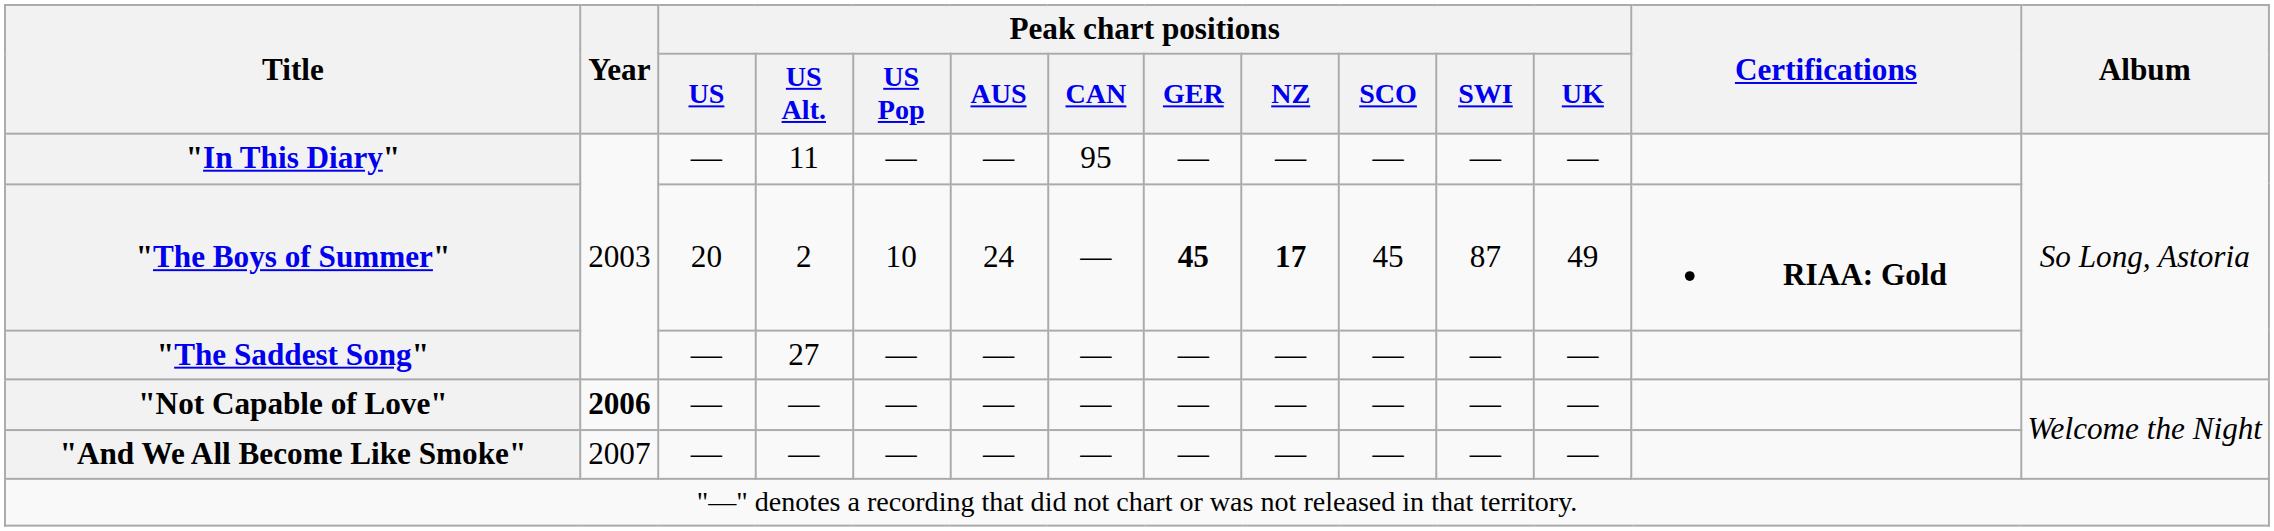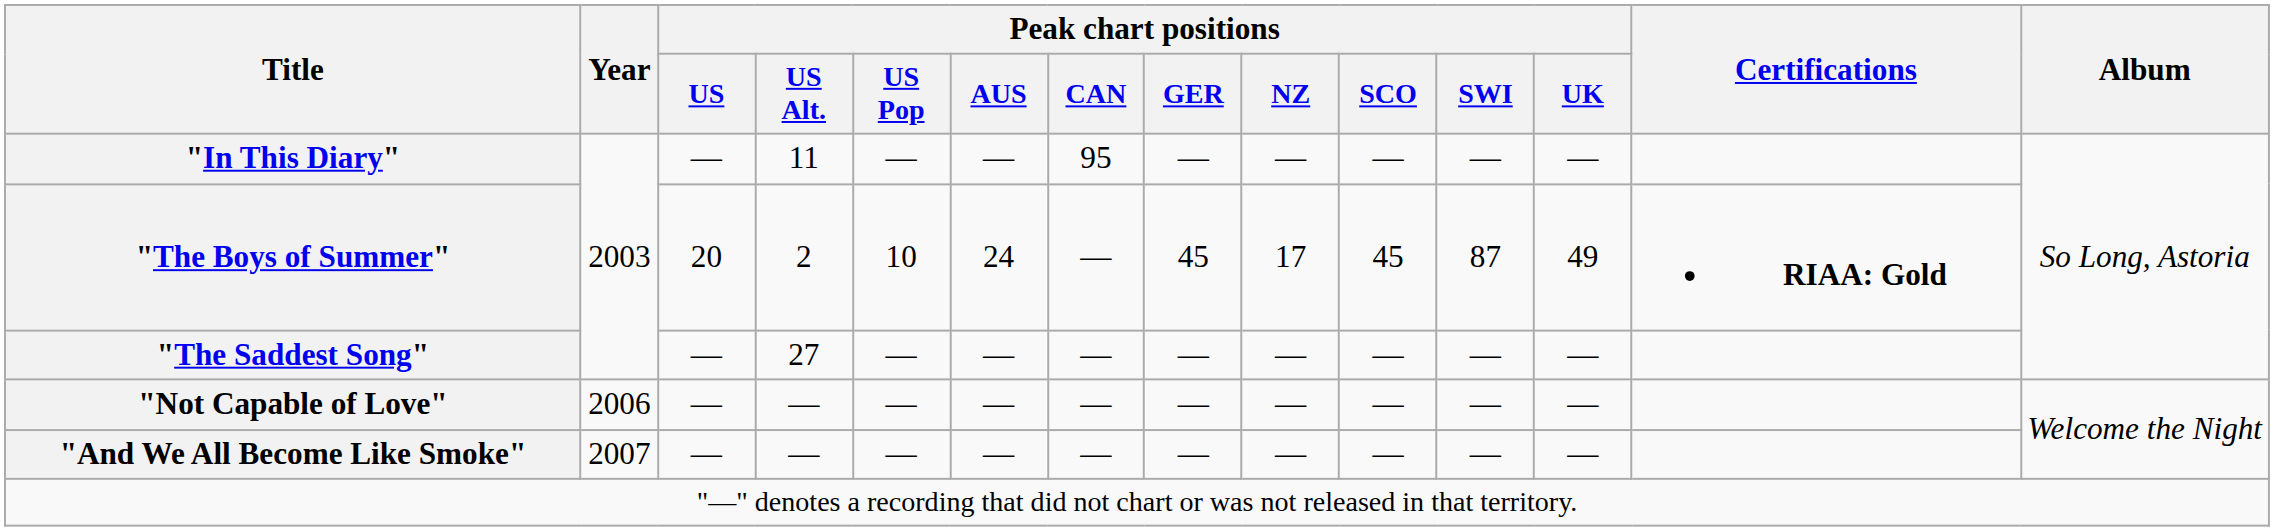 <table class="wikitable plainrowheaders" style="text-align:center;">
 <tr>
 <th scope="col" rowspan="2" style="width:18em;">Title</th>
 <th scope="col" rowspan="2">Year</th>
 <th scope="col" colspan="10">Peak chart positions</th>
 <th scope="col" rowspan="2" style="width:12em;"><a href='#'>Certifications</a></th>
 <th scope="col" rowspan="2">Album</th>
 </tr>
 <tr>
 <th scope="col" style="width:3em;font-size:90%;"><a href='#'>US</a><br></th>
 <th scope="col" style="width:3em;font-size:90%;"><a href='#'>US<br>Alt.</a><br></th>
 <th scope="col" style="width:3em;font-size:90%;"><a href='#'>US<br>Pop</a><br></th>
 <th scope="col" style="width:3em;font-size:90%;"><a href='#'>AUS</a><br></th>
 <th scope="col" style="width:3em;font-size:90%;"><a href='#'>CAN</a><br></th>
 <th scope="col" style="width:3em;font-size:90%;"><a href='#'>GER</a><br></th>
 <th scope="col" style="width:3em;font-size:90%;"><a href='#'>NZ</a><br></th>
 <th scope="col" style="width:3em;font-size:90%;"><a href='#'>SCO</a><br></th>
 <th scope="col" style="width:3em;font-size:90%;"><a href='#'>SWI</a><br></th>
 <th scope="col" style="width:3em;font-size:90%;"><a href='#'>UK</a><br></th>
 </tr>
 <tr>
 <th scope="row">"<a href='#'>In This Diary</a>"</th>
 <td rowspan="3">2003</td>
 <td>—</td>
 <td>11</td>
 <td>—</td>
 <td>—</td>
 <td>95</td>
 <td>—</td>
 <td>—</td>
 <td>—</td>
 <td>—</td>
 <td>—</td>
 <td></td>
 <td rowspan="3"><em>So Long, Astoria</em></td>
 </tr>
 <tr>
 <th scope="row">"<a href='#'>The Boys of Summer</a>"</th>
 <td>20</td>
 <td>2</td>
 <td>10</td>
 <td>24</td>
 <td>—</td>
-<td><strong>45</strong></td>
-<td><strong>17</strong></td>
+<td>45</td>
+<td>17</td>
 <td>45</td>
 <td>87</td>
 <td>49</td>
 <td><strong><br><ul><li>RIAA: Gold</li></ul></strong></td>
 </tr>
 <tr>
 <th scope="row">"<a href='#'>The Saddest Song</a>"</th>
 <td>—</td>
 <td>27</td>
 <td>—</td>
 <td>—</td>
 <td>—</td>
 <td>—</td>
 <td>—</td>
 <td>—</td>
 <td>—</td>
 <td>—</td>
 <td></td>
 </tr>
 <tr>
 <th scope="row">"Not Capable of Love"</th>
-<td><strong>2006</strong></td>
+<td>2006</td>
 <td>—</td>
 <td>—</td>
 <td>—</td>
 <td>—</td>
 <td>—</td>
 <td>—</td>
 <td>—</td>
 <td>—</td>
 <td>—</td>
 <td>—</td>
 <td></td>
 <td rowspan="2"><em>Welcome the Night</em></td>
 </tr>
 <tr>
 <th scope="row">"And We All Become Like Smoke"</th>
 <td>2007</td>
 <td>—</td>
 <td>—</td>
 <td>—</td>
 <td>—</td>
 <td>—</td>
 <td>—</td>
 <td>—</td>
 <td>—</td>
 <td>—</td>
 <td>—</td>
 <td></td>
 </tr>
 <tr>
 <td colspan="15" style="font-size:90%">"—" denotes a recording that did not chart or was not released in that territory.</td>
 </tr>
 </table>
